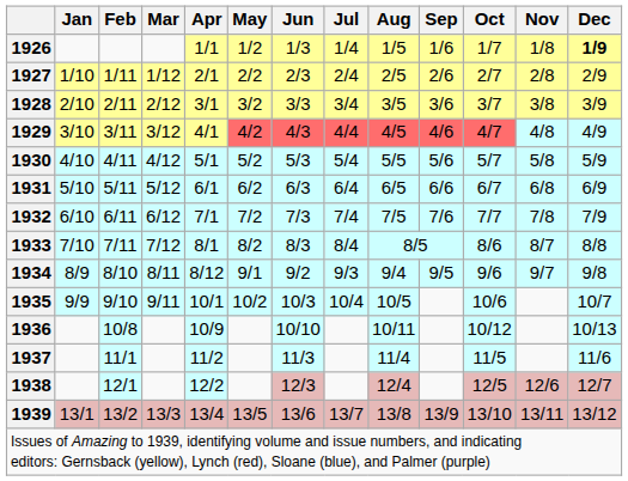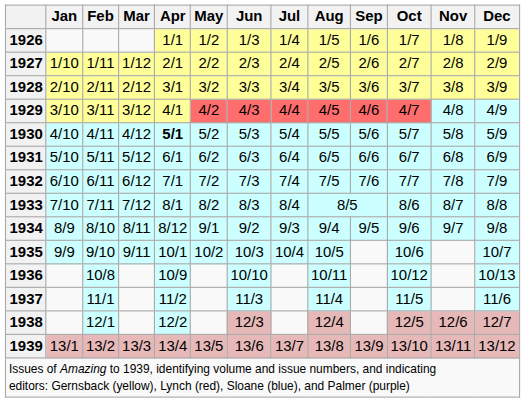 <table class="wikitable" style="font-size: 10pt; line-height: 11pt; margin-left: 2em; text-align: center; float: right">
 <tr>
 <th></th>
 <th>Jan</th>
 <th>Feb</th>
 <th>Mar</th>
 <th>Apr</th>
 <th>May</th>
 <th>Jun</th>
 <th>Jul</th>
 <th>Aug</th>
 <th>Sep</th>
 <th>Oct</th>
 <th>Nov</th>
 <th>Dec</th>
 </tr>
 <tr>
 <th>1926</th>
 <td></td>
 <td></td>
 <td></td>
 <td bgcolor=#ffff99>1/1</td>
 <td bgcolor=#ffff99>1/2</td>
 <td bgcolor=#ffff99>1/3</td>
 <td bgcolor=#ffff99>1/4</td>
 <td bgcolor=#ffff99>1/5</td>
 <td bgcolor=#ffff99>1/6</td>
 <td bgcolor=#ffff99>1/7</td>
 <td bgcolor=#ffff99>1/8</td>
-<td bgcolor=#ffff99><strong>1/9</strong></td>
+<td bgcolor=#ffff99>1/9</td>
 </tr>
 <tr>
 <th>1927</th>
 <td bgcolor=#ffff99>1/10</td>
 <td bgcolor=#ffff99>1/11</td>
 <td bgcolor=#ffff99>1/12</td>
 <td bgcolor=#ffff99>2/1</td>
 <td bgcolor=#ffff99>2/2</td>
 <td bgcolor=#ffff99>2/3</td>
 <td bgcolor=#ffff99>2/4</td>
 <td bgcolor=#ffff99>2/5</td>
 <td bgcolor=#ffff99>2/6</td>
 <td bgcolor=#ffff99>2/7</td>
 <td bgcolor=#ffff99>2/8</td>
 <td bgcolor=#ffff99>2/9</td>
 </tr>
 <tr>
 <th>1928</th>
 <td bgcolor=#ffff99>2/10</td>
 <td bgcolor=#ffff99>2/11</td>
 <td bgcolor=#ffff99>2/12</td>
 <td bgcolor=#ffff99>3/1</td>
 <td bgcolor=#ffff99>3/2</td>
 <td bgcolor=#ffff99>3/3</td>
 <td bgcolor=#ffff99>3/4</td>
 <td bgcolor=#ffff99>3/5</td>
 <td bgcolor=#ffff99>3/6</td>
 <td bgcolor=#ffff99>3/7</td>
 <td bgcolor=#ffff99>3/8</td>
 <td bgcolor=#ffff99>3/9</td>
 </tr>
 <tr>
 <th>1929</th>
 <td bgcolor=#ffff99>3/10</td>
 <td bgcolor=#ffff99>3/11</td>
 <td bgcolor=#ffff99>3/12</td>
 <td bgcolor=#ffff99>4/1</td>
 <td bgcolor=#ff6d6d>4/2</td>
 <td bgcolor=#ff6d6d>4/3</td>
 <td bgcolor=#ff6d6d>4/4</td>
 <td bgcolor=#ff6d6d>4/5</td>
 <td bgcolor=#ff6d6d>4/6</td>
 <td bgcolor=#ff6d6d>4/7</td>
 <td bgcolor=#ccffff>4/8</td>
 <td bgcolor=#ccffff>4/9</td>
 </tr>
 <tr>
 <th>1930</th>
 <td bgcolor=#ccffff>4/10</td>
 <td bgcolor=#ccffff>4/11</td>
 <td bgcolor=#ccffff>4/12</td>
-<td bgcolor=#ccffff>5/1</td>
+<td bgcolor=#ccffff><strong>5/1</strong></td>
 <td bgcolor=#ccffff>5/2</td>
 <td bgcolor=#ccffff>5/3</td>
 <td bgcolor=#ccffff>5/4</td>
 <td bgcolor=#ccffff>5/5</td>
 <td bgcolor=#ccffff>5/6</td>
 <td bgcolor=#ccffff>5/7</td>
 <td bgcolor=#ccffff>5/8</td>
 <td bgcolor=#ccffff>5/9</td>
 </tr>
 <tr>
 <th>1931</th>
 <td bgcolor=#ccffff>5/10</td>
 <td bgcolor=#ccffff>5/11</td>
 <td bgcolor=#ccffff>5/12</td>
 <td bgcolor=#ccffff>6/1</td>
 <td bgcolor=#ccffff>6/2</td>
 <td bgcolor=#ccffff>6/3</td>
 <td bgcolor=#ccffff>6/4</td>
 <td bgcolor=#ccffff>6/5</td>
 <td bgcolor=#ccffff>6/6</td>
 <td bgcolor=#ccffff>6/7</td>
 <td bgcolor=#ccffff>6/8</td>
 <td bgcolor=#ccffff>6/9</td>
 </tr>
 <tr>
 <th>1932</th>
 <td bgcolor=#ccffff>6/10</td>
 <td bgcolor=#ccffff>6/11</td>
 <td bgcolor=#ccffff>6/12</td>
 <td bgcolor=#ccffff>7/1</td>
 <td bgcolor=#ccffff>7/2</td>
 <td bgcolor=#ccffff>7/3</td>
 <td bgcolor=#ccffff>7/4</td>
 <td bgcolor=#ccffff>7/5</td>
 <td bgcolor=#ccffff>7/6</td>
 <td bgcolor=#ccffff>7/7</td>
 <td bgcolor=#ccffff>7/8</td>
 <td bgcolor=#ccffff>7/9</td>
 </tr>
 <tr>
 <th>1933</th>
 <td bgcolor=#ccffff>7/10</td>
 <td bgcolor=#ccffff>7/11</td>
 <td bgcolor=#ccffff>7/12</td>
 <td bgcolor=#ccffff>8/1</td>
 <td bgcolor=#ccffff>8/2</td>
 <td bgcolor=#ccffff>8/3</td>
 <td bgcolor=#ccffff>8/4</td>
 <td colspan="2" bgcolor=#ccffff>8/5</td>
 <td bgcolor=#ccffff>8/6</td>
 <td bgcolor=#ccffff>8/7</td>
 <td bgcolor=#ccffff>8/8</td>
 </tr>
 <tr>
 <th>1934</th>
 <td bgcolor=#ccffff>8/9</td>
 <td bgcolor=#ccffff>8/10</td>
 <td bgcolor=#ccffff>8/11</td>
 <td bgcolor=#ccffff>8/12</td>
 <td bgcolor=#ccffff>9/1</td>
 <td bgcolor=#ccffff>9/2</td>
 <td bgcolor=#ccffff>9/3</td>
 <td bgcolor=#ccffff>9/4</td>
 <td bgcolor=#ccffff>9/5</td>
 <td bgcolor=#ccffff>9/6</td>
 <td bgcolor=#ccffff>9/7</td>
 <td bgcolor=#ccffff>9/8</td>
 </tr>
 <tr>
 <th>1935</th>
 <td bgcolor=#ccffff>9/9</td>
 <td bgcolor=#ccffff>9/10</td>
 <td bgcolor=#ccffff>9/11</td>
 <td bgcolor=#ccffff>10/1</td>
 <td bgcolor=#ccffff>10/2</td>
 <td bgcolor=#ccffff>10/3</td>
 <td bgcolor=#ccffff>10/4</td>
 <td bgcolor=#ccffff>10/5</td>
 <td></td>
 <td bgcolor=#ccffff>10/6</td>
 <td></td>
 <td bgcolor=#ccffff>10/7</td>
 </tr>
 <tr>
 <th>1936</th>
 <td></td>
 <td bgcolor=#ccffff>10/8</td>
 <td></td>
 <td bgcolor=#ccffff>10/9</td>
 <td></td>
 <td bgcolor=#ccffff>10/10</td>
 <td></td>
 <td bgcolor=#ccffff>10/11</td>
 <td></td>
 <td bgcolor=#ccffff>10/12</td>
 <td></td>
 <td bgcolor=#ccffff>10/13</td>
 </tr>
 <tr>
 <th>1937</th>
 <td></td>
 <td bgcolor=#ccffff>11/1</td>
 <td></td>
 <td bgcolor=#ccffff>11/2</td>
 <td></td>
 <td bgcolor=#ccffff>11/3</td>
 <td></td>
 <td bgcolor=#ccffff>11/4</td>
 <td></td>
 <td bgcolor=#ccffff>11/5</td>
 <td></td>
 <td bgcolor=#ccffff>11/6</td>
 </tr>
 <tr>
 <th>1938</th>
 <td></td>
 <td bgcolor=#ccffff>12/1</td>
 <td></td>
 <td bgcolor=#ccffff>12/2</td>
 <td></td>
 <td bgcolor=#e6b9b8>12/3</td>
 <td></td>
 <td bgcolor=#e6b9b8>12/4</td>
 <td></td>
 <td bgcolor=#e6b9b8>12/5</td>
 <td bgcolor=#e6b9b8>12/6</td>
 <td bgcolor=#e6b9b8>12/7</td>
 </tr>
 <tr>
 <th>1939</th>
 <td bgcolor=#e6b9b8>13/1</td>
 <td bgcolor=#e6b9b8>13/2</td>
 <td bgcolor=#e6b9b8>13/3</td>
 <td bgcolor=#e6b9b8>13/4</td>
 <td bgcolor=#e6b9b8>13/5</td>
 <td bgcolor=#e6b9b8>13/6</td>
 <td bgcolor=#e6b9b8>13/7</td>
 <td bgcolor=#e6b9b8>13/8</td>
 <td bgcolor=#e6b9b8>13/9</td>
 <td bgcolor=#e6b9b8>13/10</td>
 <td bgcolor=#e6b9b8>13/11</td>
 <td bgcolor=#e6b9b8>13/12</td>
 </tr>
 <tr>
 <td colspan="13" style="font-size: 8pt; text-align:left">Issues of <em>Amazing</em> to 1939, identifying volume and issue numbers, and indicating<br>editors: Gernsback (yellow), Lynch (red), Sloane (blue), and Palmer (purple)</td>
 </tr>
 </table>
